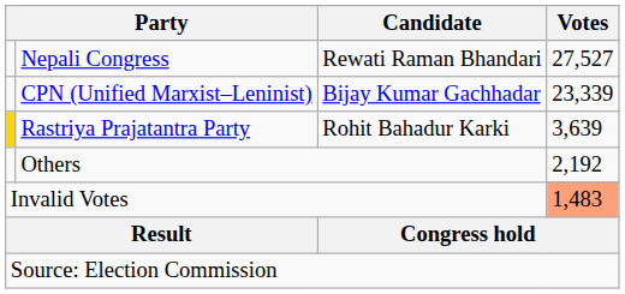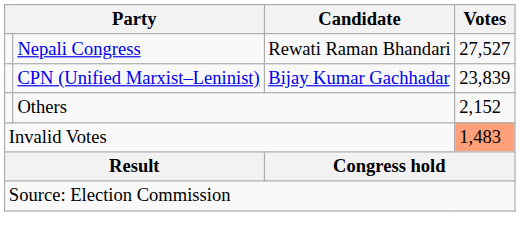 <table class="wikitable">
 <tr>
 <th colspan="2">Party</th>
 <th>Candidate</th>
 <th>Votes</th>
 </tr>
 <tr>
 <td style="background-color:"></td>
 <td><a href='#'>Nepali Congress</a></td>
 <td>Rewati Raman Bhandari</td>
 <td>27,527</td>
 </tr>
 <tr>
 <td style="background-color:"></td>
 <td><a href='#'>CPN (Unified Marxist–Leninist)</a></td>
 <td><a href='#'>Bijay Kumar Gachhadar</a></td>
-<td>23,339</td>
-</tr>
-<tr>
-<td style="background-color:gold"></td>
-<td><a href='#'>Rastriya Prajatantra Party</a></td>
-<td>Rohit Bahadur Karki</td>
-<td>3,639</td>
+<td>23,839</td>
 </tr>
 <tr>
 <td></td>
 <td colspan="2">Others</td>
-<td>2,192</td>
+<td>2,152</td>
 </tr>
 <tr>
 <td colspan="3">Invalid Votes</td>
 <td style="background: lightsalmon;">1,483</td>
 </tr>
 <tr>
 <th colspan="2">Result</th>
 <th colspan="2">Congress hold</th>
 </tr>
 <tr>
 <td colspan="4">Source: Election Commission</td>
 </tr>
 </table>
